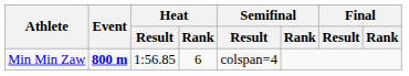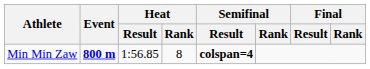 <table class="wikitable">
 <tr>
 <th rowspan="2">Athlete</th>
 <th rowspan="2">Event</th>
 <th colspan="2">Heat</th>
 <th colspan="2">Semifinal</th>
 <th colspan="2">Final</th>
 </tr>
 <tr>
 <th>Result</th>
 <th>Rank</th>
 <th>Result</th>
 <th>Rank</th>
 <th>Result</th>
 <th>Rank</th>
 </tr>
 <tr style=text-align:center>
 <td style=text-align:left><a href='#'>Min Min Zaw</a></td>
 <td style=text-align:left><strong><a href='#'>800 m</a></strong></td>
 <td>1:56.85</td>
-<td>6</td>
-<td>colspan=4 </td>
+<td>8</td>
+<td><strong>colspan=4 </strong></td>
 </tr>
 </table>
